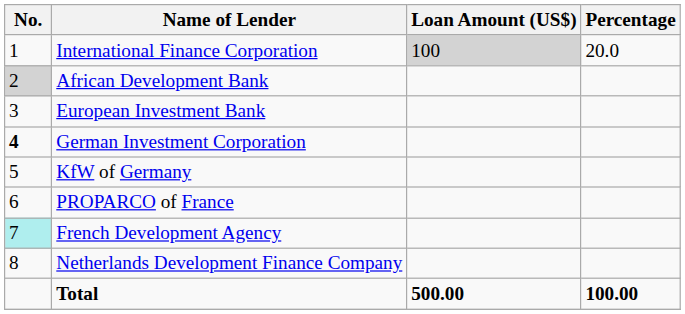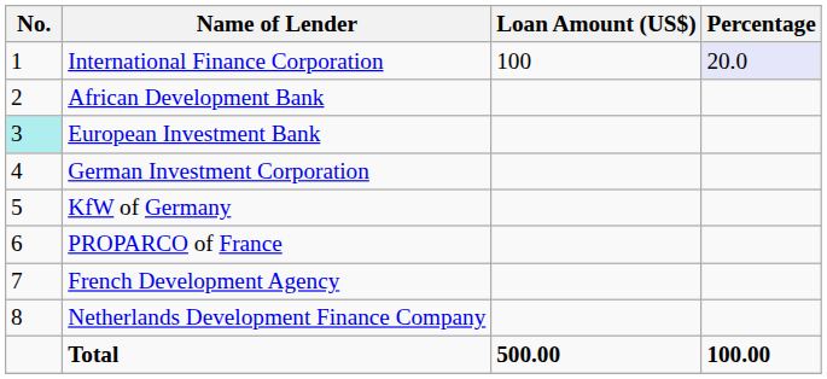 <table class="wikitable sortable">
 <tr>
 <th style="width:2em;">No.</th>
 <th>Name of Lender</th>
 <th>Loan Amount (US$)</th>
 <th>Percentage</th>
 </tr>
 <tr>
 <td>1</td>
 <td><a href='#'>International Finance Corporation</a></td>
-<td style="background: lightgrey;">100</td>
-<td>20.0</td>
+<td>100</td>
+<td style="background: lavender;">20.0</td>
 </tr>
 <tr>
-<td style="background: lightgrey;">2</td>
+<td>2</td>
 <td><a href='#'>African Development Bank</a></td>
 <td></td>
 <td></td>
 </tr>
 <tr>
-<td>3</td>
+<td style="background: paleturquoise;">3</td>
 <td><a href='#'>European Investment Bank</a></td>
 <td></td>
 <td></td>
 </tr>
 <tr>
-<td><strong>4</strong></td>
+<td>4</td>
 <td><a href='#'>German Investment Corporation</a></td>
 <td></td>
 <td></td>
 </tr>
 <tr>
 <td>5</td>
 <td><a href='#'>KfW</a> of <a href='#'>Germany</a></td>
 <td></td>
 <td></td>
 </tr>
 <tr>
 <td>6</td>
 <td><a href='#'>PROPARCO</a> of <a href='#'>France</a></td>
 <td></td>
 <td></td>
 </tr>
 <tr>
-<td style="background: paleturquoise;">7</td>
+<td>7</td>
 <td><a href='#'>French Development Agency</a></td>
 <td></td>
 <td></td>
 </tr>
 <tr>
 <td>8</td>
 <td><a href='#'>Netherlands Development Finance Company</a></td>
 <td></td>
 <td></td>
 </tr>
 <tr>
 <td></td>
 <td><strong>Total</strong></td>
 <td><strong>500.00</strong></td>
 <td><strong>100.00</strong></td>
 </tr>
 <tr>
 </tr>
 </table>
